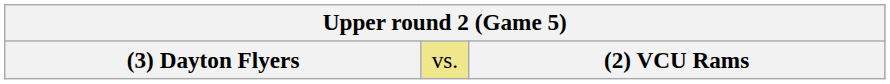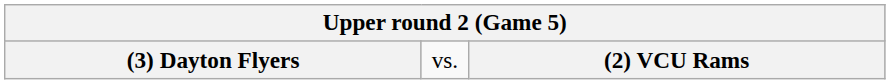 <table class="wikitable">
 <tr>
 <th style="width: 594px;" colspan=3>Upper round 2 (Game 5)</th>
 </tr>
 <tr>
 <th style="width: 284px; ">(3) Dayton Flyers</th>
-<td style="background: khaki; width: 25px; text-align:center">vs.</td>
+<td style="width: 25px; text-align:center">vs.</td>
 <th style="width: 284px; ">(2) VCU Rams</th>
 </tr>
 </table>
